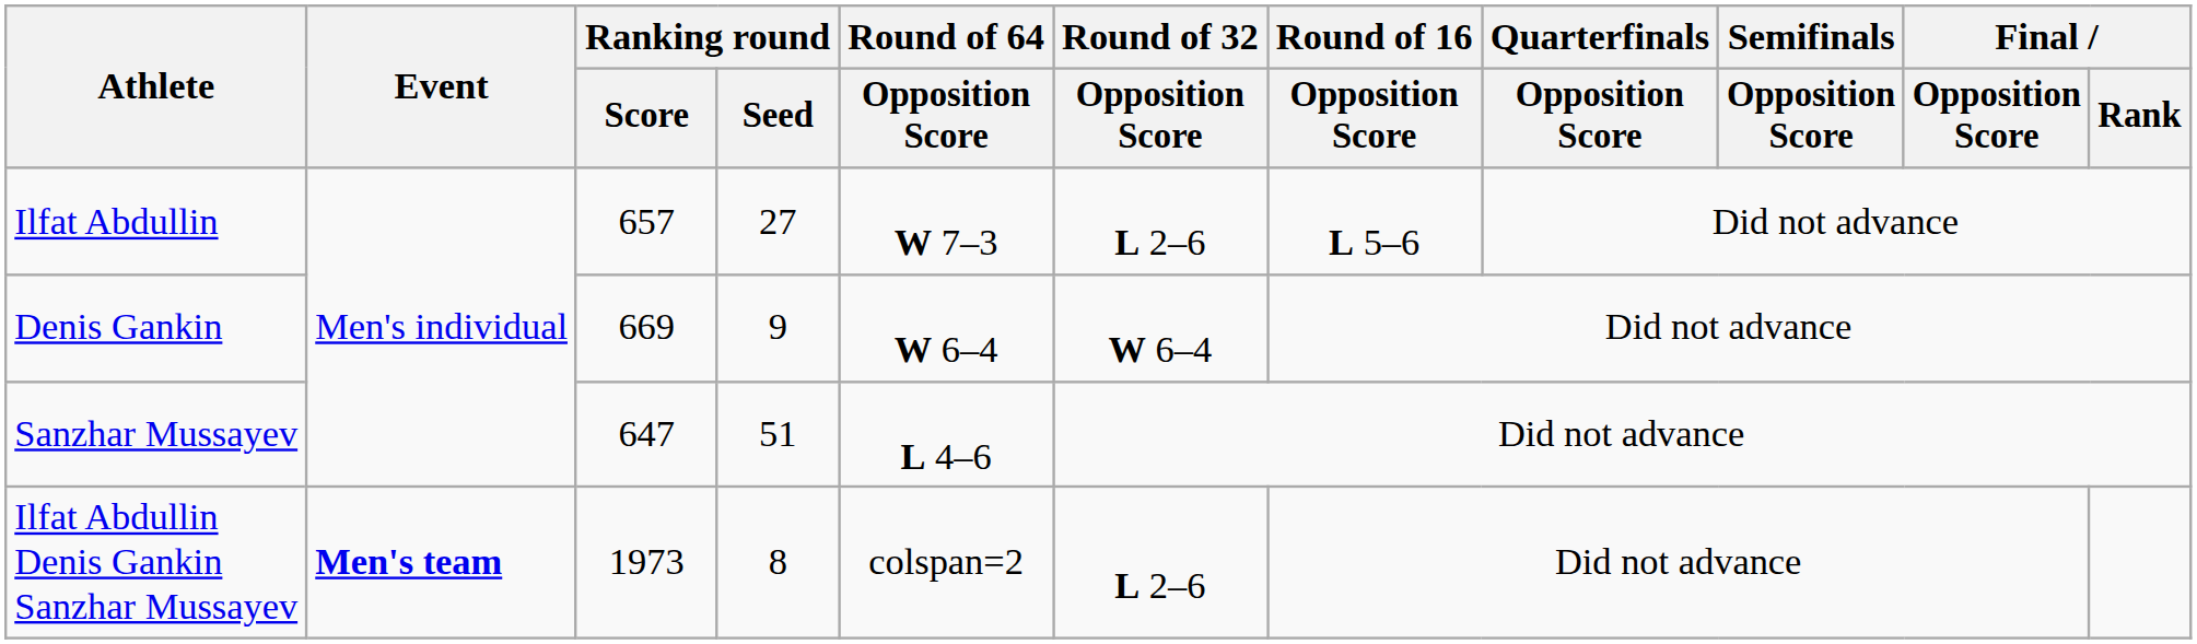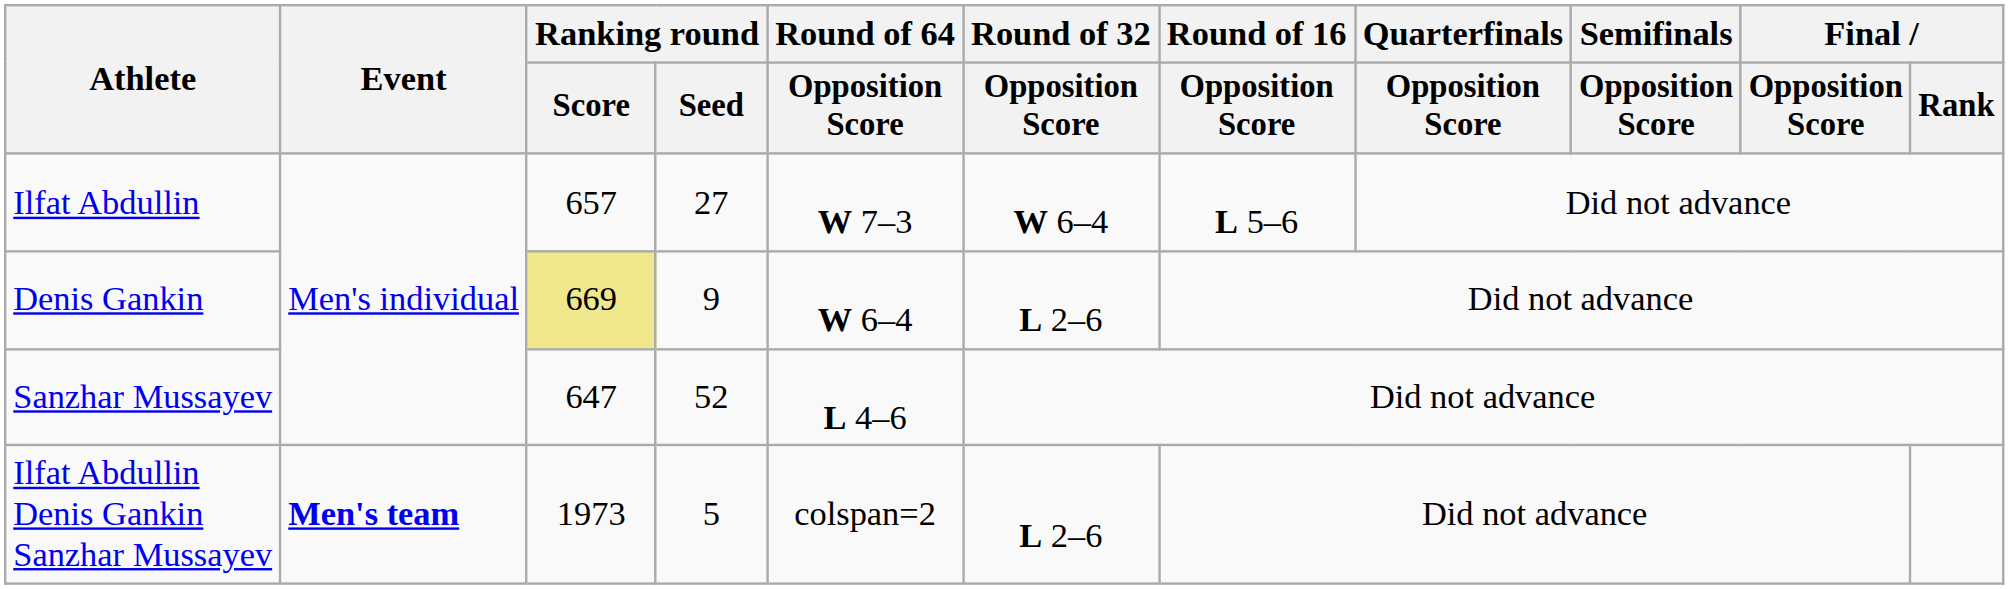 <table class="wikitable" style="font-size:90%">
 <tr>
 <th rowspan=2>Athlete</th>
 <th rowspan=2>Event</th>
 <th colspan="2">Ranking round</th>
 <th>Round of 64</th>
 <th>Round of 32</th>
 <th>Round of 16</th>
 <th>Quarterfinals</th>
 <th>Semifinals</th>
 <th colspan="2">Final / </th>
 </tr>
 <tr style="font-size:95%">
 <th>Score</th>
 <th>Seed</th>
 <th>Opposition<br>Score</th>
 <th>Opposition<br>Score</th>
 <th>Opposition<br>Score</th>
 <th>Opposition<br>Score</th>
 <th>Opposition<br>Score</th>
 <th>Opposition<br>Score</th>
 <th>Rank</th>
 </tr>
 <tr align=center>
 <td align=left><a href='#'>Ilfat Abdullin</a></td>
 <td align=left rowspan=3><a href='#'>Men's individual</a></td>
 <td>657</td>
 <td>27</td>
 <td><br><strong>W</strong> 7–3</td>
-<td><br><strong>L</strong> 2–6</td>
+<td><br><strong>W</strong> 6–4</td>
 <td><br><strong>L</strong> 5–6</td>
 <td colspan=4>Did not advance</td>
 </tr>
 <tr align=center>
 <td align=left><a href='#'>Denis Gankin</a></td>
-<td>669</td>
+<td style="background: khaki;">669</td>
 <td>9</td>
 <td><br><strong>W</strong> 6–4</td>
-<td><br><strong>W</strong> 6–4</td>
+<td><br><strong>L</strong> 2–6</td>
 <td colspan=5>Did not advance</td>
 </tr>
 <tr align=center>
 <td align=left><a href='#'>Sanzhar Mussayev</a></td>
 <td>647</td>
-<td>51</td>
+<td>52</td>
 <td><br><strong>L</strong> 4–6</td>
 <td colspan=6>Did not advance</td>
 </tr>
 <tr align=center>
 <td align=left><a href='#'>Ilfat Abdullin</a><br><a href='#'>Denis Gankin</a><br><a href='#'>Sanzhar Mussayev</a></td>
 <td align=left><strong><a href='#'>Men's team</a></strong></td>
 <td>1973</td>
-<td>8</td>
+<td>5</td>
 <td>colspan=2 </td>
 <td><br><strong>L</strong> 2–6</td>
 <td colspan=4>Did not advance</td>
 </tr>
 </table>
